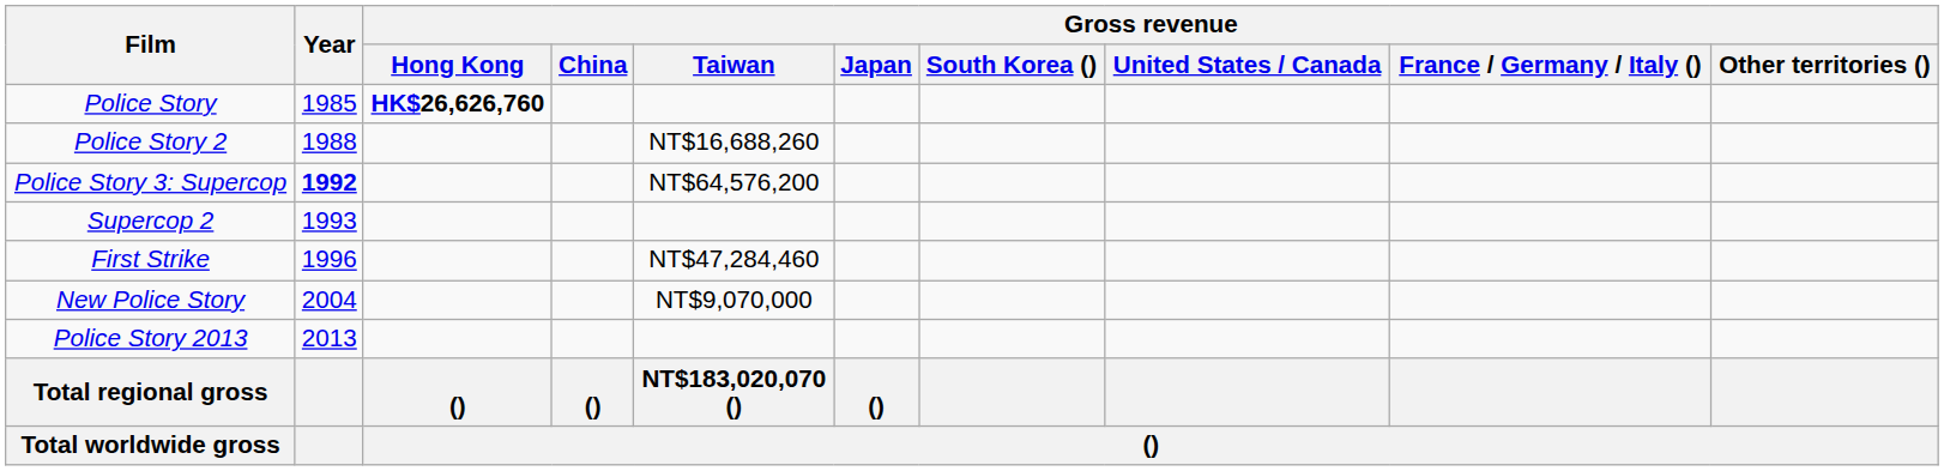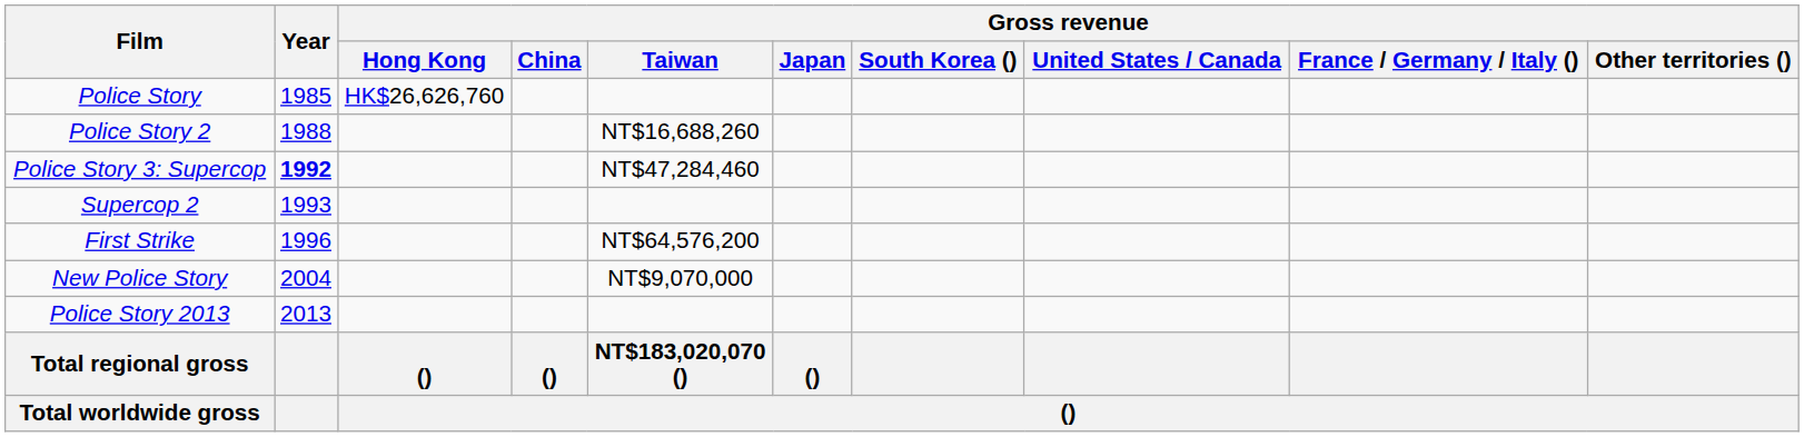 <table class="wikitable sortable" border="1" style="width:99%; text-align:center;">
 <tr>
 <th rowspan="2">Film</th>
 <th rowspan="2">Year</th>
 <th colspan="8">Gross revenue</th>
 </tr>
 <tr>
 <th><a href='#'>Hong Kong</a></th>
 <th><a href='#'>China</a></th>
 <th><a href='#'>Taiwan</a></th>
 <th><a href='#'>Japan</a></th>
 <th><a href='#'>South Korea</a> ()</th>
 <th><a href='#'>United States / Canada</a></th>
 <th><a href='#'>France</a> / <a href='#'>Germany</a> / <a href='#'>Italy</a> ()</th>
 <th>Other territories ()</th>
 </tr>
 <tr>
 <td><em><a href='#'>Police Story</a></em></td>
 <td><a href='#'>1985</a></td>
-<td><strong><a href='#'>HK$</a>26,626,760</strong></td>
+<td><a href='#'>HK$</a>26,626,760</td>
 <td></td>
 <td></td>
 <td></td>
 <td></td>
 <td></td>
 <td></td>
 <td></td>
 </tr>
 <tr>
 <td><em><a href='#'>Police Story 2</a></em></td>
 <td><a href='#'>1988</a></td>
 <td></td>
 <td></td>
 <td>NT$16,688,260</td>
 <td></td>
 <td></td>
 <td></td>
 <td></td>
 <td></td>
 </tr>
 <tr>
 <td><em><a href='#'>Police Story 3: Supercop</a></em></td>
 <td><strong><a href='#'>1992</a></strong></td>
 <td></td>
 <td></td>
-<td>NT$64,576,200</td>
+<td>NT$47,284,460</td>
 <td></td>
 <td></td>
 <td></td>
 <td></td>
 <td></td>
 </tr>
 <tr>
 <td><em><a href='#'>Supercop 2</a></em></td>
 <td><a href='#'>1993</a></td>
 <td></td>
 <td></td>
 <td></td>
 <td></td>
 <td></td>
 <td></td>
 <td></td>
 <td></td>
 </tr>
 <tr>
 <td><em><a href='#'>First Strike</a></em></td>
 <td><a href='#'>1996</a></td>
 <td></td>
 <td></td>
-<td>NT$47,284,460</td>
+<td>NT$64,576,200</td>
 <td></td>
 <td></td>
 <td></td>
 <td></td>
 <td></td>
 </tr>
 <tr>
 <td><em><a href='#'>New Police Story</a></em></td>
 <td><a href='#'>2004</a></td>
 <td></td>
 <td></td>
 <td>NT$9,070,000</td>
 <td></td>
 <td></td>
 <td></td>
 <td></td>
 <td></td>
 </tr>
 <tr>
 <td><em><a href='#'>Police Story 2013</a></em></td>
 <td><a href='#'>2013</a></td>
 <td></td>
 <td></td>
 <td></td>
 <td></td>
 <td></td>
 <td></td>
 <td></td>
 <td></td>
 </tr>
 <tr>
 <th>Total regional gross</th>
 <th></th>
 <th> <br> ()</th>
 <th> <br> ()</th>
 <th>NT$183,020,070 <br> ()</th>
 <th> <br> ()</th>
 <th></th>
 <th></th>
 <th></th>
 <th></th>
 </tr>
 <tr>
 <th>Total worldwide gross</th>
 <th></th>
 <th colspan="8"> ()</th>
 </tr>
 </table>
